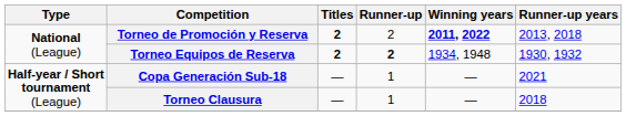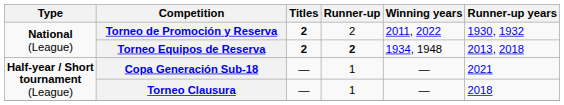 <table class="wikitable plainrowheaders" style="font-size:95%; text-align:center;">
 <tr>
 <th>Type</th>
 <th width=250px>Competition</th>
 <th>Titles</th>
 <th>Runner-up</th>
 <th>Winning years</th>
 <th>Runner-up years</th>
 </tr>
 <tr>
 <td rowspan=2><strong>National</strong><br>(League)</td>
 <th scope=col><a href='#'>Torneo de Promoción y Reserva</a></th>
 <td><strong>2</strong></td>
 <td>2</td>
-<td align="left"><strong><a href='#'>2011</a>, <a href='#'>2022</a></strong></td>
-<td align="left"><a href='#'>2013</a>, <a href='#'>2018</a></td>
+<td align="left"><a href='#'>2011</a>, <a href='#'>2022</a></td>
+<td align="left"><a href='#'>1930</a>, <a href='#'>1932</a></td>
 </tr>
 <tr>
 <th scope=col><a href='#'>Torneo Equipos de Reserva</a></th>
 <td><strong>2</strong></td>
 <td><strong>2</strong></td>
 <td align="left"><a href='#'>1934</a>, 1948</td>
-<td align="left"><a href='#'>1930</a>, <a href='#'>1932</a></td>
+<td align="left"><a href='#'>2013</a>, <a href='#'>2018</a></td>
 </tr>
 <tr>
 <td rowspan=2><strong>Half-year / Short<br>tournament</strong><br>(League)</td>
 <th scope=col><a href='#'>Copa Generación Sub-18</a></th>
 <td style="text-align:center;">—</td>
 <td>1</td>
 <td style="text-align:center;">—</td>
 <td align="left"><a href='#'>2021</a></td>
 </tr>
 <tr>
 <th scope=col><a href='#'>Torneo Clausura</a></th>
 <td style="text-align:center;">—</td>
 <td>1</td>
 <td style="text-align:center;">—</td>
 <td align="left"><a href='#'>2018</a></td>
 </tr>
 <tr>
 </tr>
 </table>
